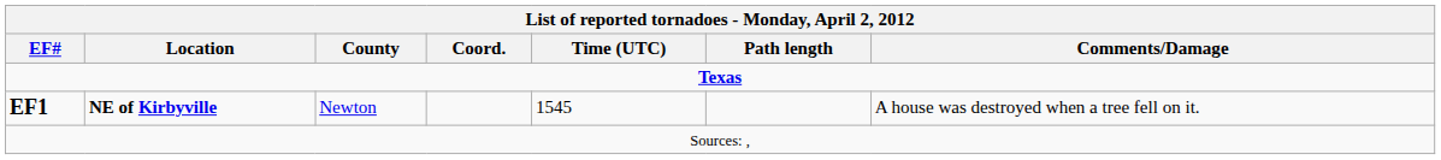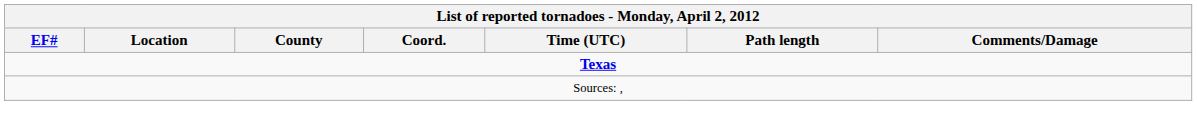 <table class="wikitable collapsible" width="100%">
 <tr>
 <th colspan="7">List of reported tornadoes - Monday, April 2, 2012</th>
 </tr>
 <tr>
 <th><a href='#'>EF#</a></th>
 <th>Location</th>
 <th>County</th>
 <th>Coord.</th>
 <th>Time (UTC)</th>
 <th>Path length</th>
 <th>Comments/Damage</th>
 </tr>
 <tr>
 <td colspan="7" align=center><strong><a href='#'>Texas</a></strong></td>
 </tr>
 <tr>
-<td><big><strong>EF1</strong></big></td>
-<td><strong>NE of <a href='#'>Kirbyville</a></strong></td>
-<td><a href='#'>Newton</a></td>
-<td></td>
-<td>1545</td>
-<td></td>
-<td>A house was destroyed when a tree fell on it.</td>
-</tr>
-<tr>
 <td colspan="7" align=center><small>Sources: , </small></td>
 </tr>
 </table>
